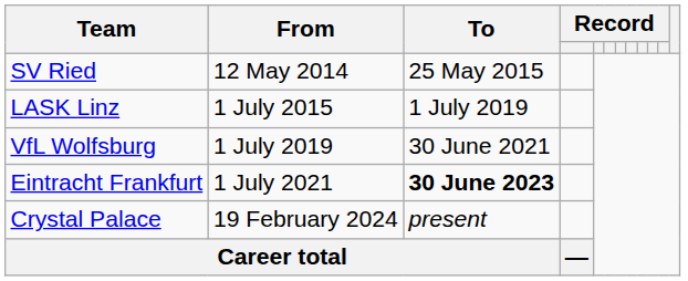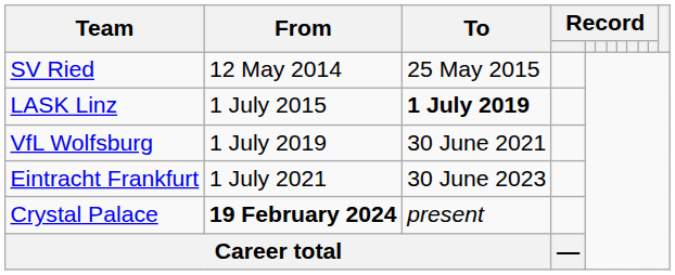 <table class="wikitable" style="text-align: center">
 <tr>
 <th rowspan="2">Team</th>
 <th rowspan="2">From</th>
 <th rowspan="2">To</th>
 <th colspan="8">Record</th>
 <th rowspan=2></th>
 </tr>
 <tr>
 <th></th>
 <th></th>
 <th></th>
 <th></th>
 <th></th>
 <th></th>
 <th></th>
 <th></th>
 </tr>
 <tr>
 <td align="left"> <a href='#'>SV Ried</a></td>
 <td align=left>12 May 2014</td>
 <td align=left>25 May 2015<br></td>
 <td></td>
 </tr>
 <tr>
 <td align="left"> <a href='#'>LASK Linz</a></td>
 <td align=left>1 July 2015</td>
-<td align=left>1 July 2019<br></td>
+<td align=left><strong>1 July 2019<br></strong></td>
 <td></td>
 </tr>
 <tr>
 <td align="left"> <a href='#'>VfL Wolfsburg</a></td>
 <td align=left>1 July 2019</td>
 <td align=left>30 June 2021<br></td>
 <td></td>
 </tr>
 <tr>
 <td align="left"> <a href='#'>Eintracht Frankfurt</a></td>
 <td align=left>1 July 2021</td>
-<td align=left><strong>30 June 2023<br></strong></td>
+<td align=left>30 June 2023<br></td>
 <td></td>
 </tr>
 <tr>
 <td align="left"> <a href='#'>Crystal Palace</a></td>
-<td align=left>19 February 2024</td>
+<td align=left><strong>19 February 2024</strong></td>
 <td align=left><em>present</em><br></td>
 <td></td>
 </tr>
 <tr>
 <th colspan=3>Career total<br></th>
 <th>—</th>
 </tr>
 </table>
